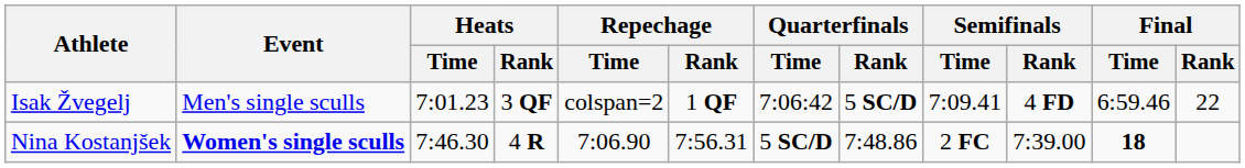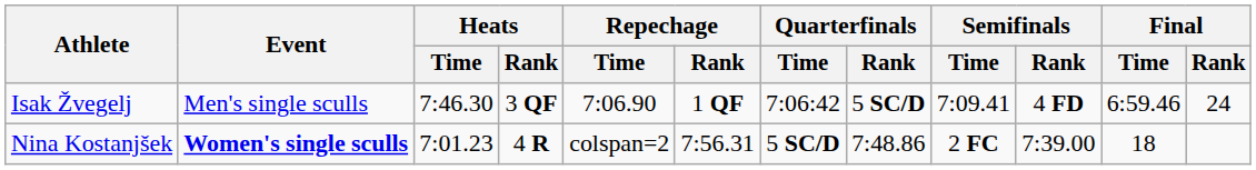 <table class=wikitable style=font-size:90%;text-align:center>
 <tr>
 <th rowspan=2>Athlete</th>
 <th rowspan=2>Event</th>
 <th colspan=2>Heats</th>
 <th colspan=2>Repechage</th>
 <th colspan=2>Quarterfinals</th>
 <th colspan=2>Semifinals</th>
 <th colspan=2>Final</th>
 </tr>
 <tr style=font-size:95%>
 <th>Time</th>
 <th>Rank</th>
 <th>Time</th>
 <th>Rank</th>
 <th>Time</th>
 <th>Rank</th>
 <th>Time</th>
 <th>Rank</th>
 <th>Time</th>
 <th>Rank</th>
 </tr>
 <tr>
 <td align=left><a href='#'>Isak Žvegelj</a></td>
 <td align=left><a href='#'>Men's single sculls</a></td>
-<td>7:01.23</td>
+<td>7:46.30</td>
 <td>3 <strong>QF</strong></td>
-<td>colspan=2 </td>
+<td>7:06.90</td>
 <td>1 <strong>QF</strong></td>
 <td>7:06:42</td>
 <td>5 <strong>SC/D</strong></td>
 <td>7:09.41</td>
 <td>4 <strong>FD</strong></td>
 <td>6:59.46</td>
-<td>22</td>
+<td>24</td>
 </tr>
 <tr>
 <td align=left><a href='#'>Nina Kostanjšek</a></td>
 <td align=left><strong><a href='#'>Women's single sculls</a></strong></td>
-<td>7:46.30</td>
+<td>7:01.23</td>
 <td>4 <strong>R</strong></td>
-<td>7:06.90</td>
+<td>colspan=2 </td>
 <td>7:56.31</td>
 <td>5 <strong>SC/D</strong></td>
 <td>7:48.86</td>
 <td>2 <strong>FC</strong></td>
 <td>7:39.00</td>
-<td><strong>18</strong></td>
+<td>18</td>
 </tr>
 </table>
